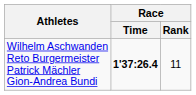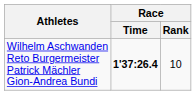 <table class="wikitable" style="font-size:90%">
 <tr>
 <th rowspan=2>Athletes</th>
 <th colspan=2>Race</th>
 </tr>
 <tr>
 <th>Time</th>
 <th>Rank</th>
 </tr>
 <tr>
 <td><a href='#'>Wilhelm Aschwanden</a><br><a href='#'>Reto Burgermeister</a><br><a href='#'>Patrick Mächler</a><br><a href='#'>Gion-Andrea Bundi</a></td>
 <td align=center><strong>1'37:26.4</strong></td>
-<td align=center>11</td>
+<td align=center>10</td>
 </tr>
 </table>
